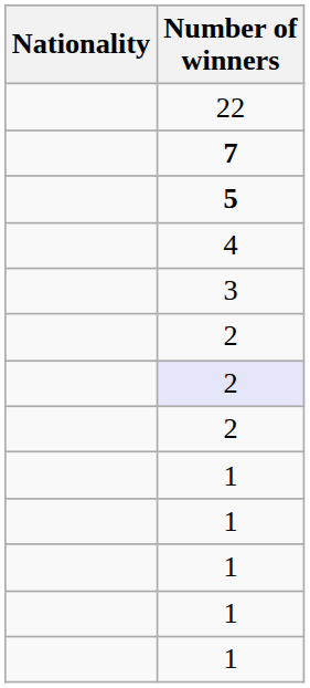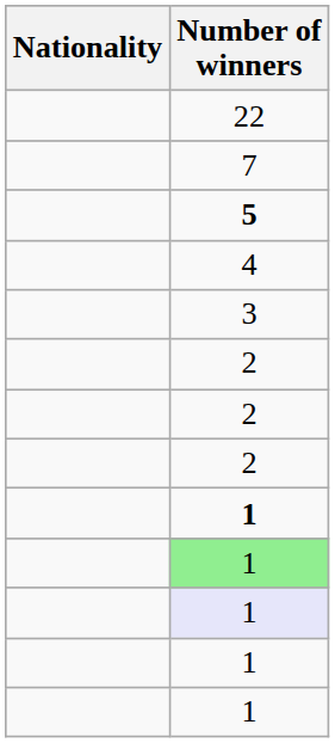 <table class="sortable wikitable">
 <tr bgcolor="#efefef">
 <th>Nationality</th>
 <th>Number of<br>winners</th>
 </tr>
 <tr>
 <td></td>
 <td align=center>22</td>
 </tr>
 <tr>
 <td></td>
-<td align=center><strong>7</strong></td>
+<td align=center>7</td>
 </tr>
 <tr>
 <td></td>
 <td align=center><strong>5</strong></td>
 </tr>
 <tr>
 <td></td>
 <td align=center>4</td>
 </tr>
 <tr>
 <td></td>
 <td align=center>3</td>
 </tr>
 <tr>
 <td></td>
 <td align=center>2</td>
 </tr>
 <tr>
 <td></td>
-<td align=center style="background: lavender;">2</td>
+<td align=center>2</td>
 </tr>
 <tr>
 <td></td>
 <td align=center>2</td>
 </tr>
 <tr>
 <td></td>
-<td align=center>1</td>
+<td align=center><strong>1</strong></td>
 </tr>
 <tr>
 <td></td>
-<td align=center>1</td>
+<td align=center style="background: lightgreen;">1</td>
 </tr>
 <tr>
 <td></td>
-<td align=center>1</td>
+<td align=center style="background: lavender;">1</td>
 </tr>
 <tr>
 <td></td>
 <td align=center>1</td>
 </tr>
 <tr>
 <td></td>
 <td align=center>1</td>
 </tr>
 </table>
